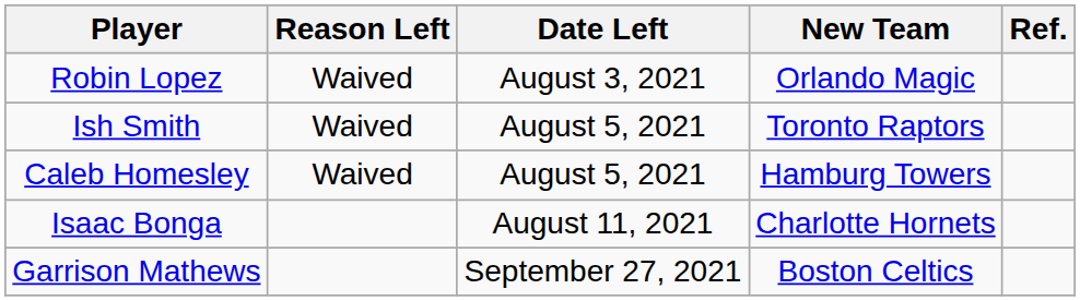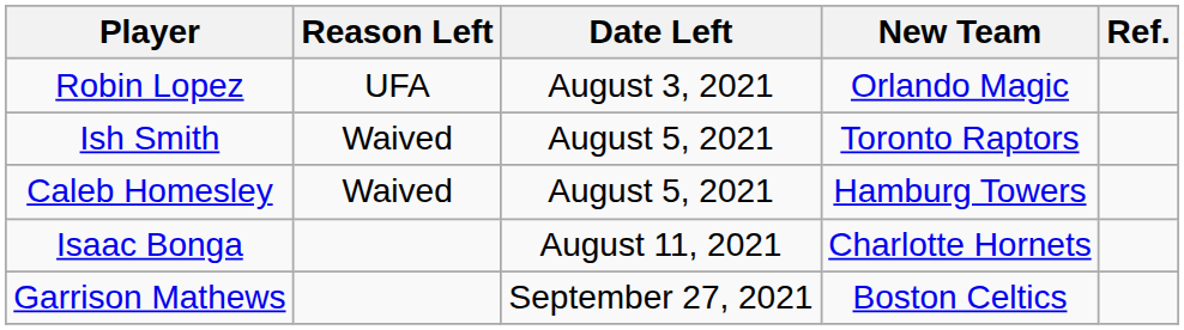 <table class="wikitable sortable sortable" style="text-align: center">
 <tr>
 <th>Player</th>
 <th>Reason Left</th>
 <th>Date Left</th>
 <th>New Team</th>
 <th>Ref.</th>
 </tr>
 <tr>
 <td><a href='#'>Robin Lopez</a></td>
-<td>Waived</td>
+<td>UFA</td>
 <td>August 3, 2021</td>
 <td><a href='#'>Orlando Magic</a></td>
 <td></td>
 </tr>
 <tr>
 <td><a href='#'>Ish Smith</a></td>
 <td>Waived</td>
 <td>August 5, 2021</td>
 <td><a href='#'>Toronto Raptors</a></td>
 <td></td>
 </tr>
 <tr>
 <td><a href='#'>Caleb Homesley</a></td>
 <td>Waived</td>
 <td>August 5, 2021</td>
 <td> <a href='#'>Hamburg Towers</a></td>
 <td></td>
 </tr>
 <tr>
 <td><a href='#'>Isaac Bonga</a></td>
 <td></td>
 <td>August 11, 2021</td>
 <td><a href='#'>Charlotte Hornets</a></td>
 <td></td>
 </tr>
 <tr>
 <td><a href='#'>Garrison Mathews</a></td>
 <td></td>
 <td>September 27, 2021</td>
 <td><a href='#'>Boston Celtics</a></td>
 <td></td>
 </tr>
 </table>
